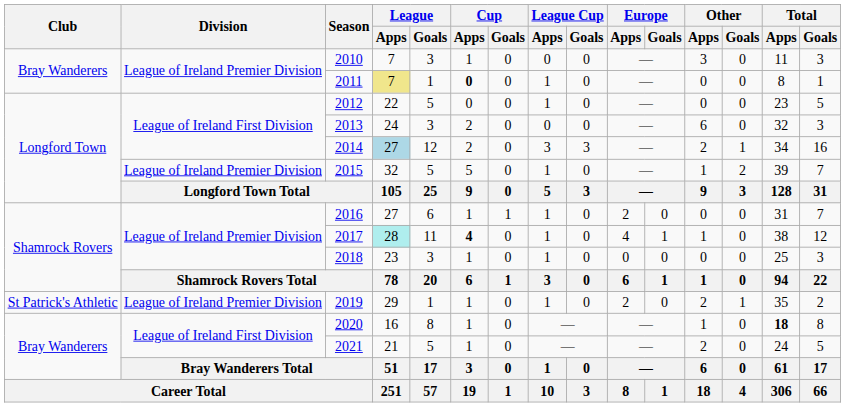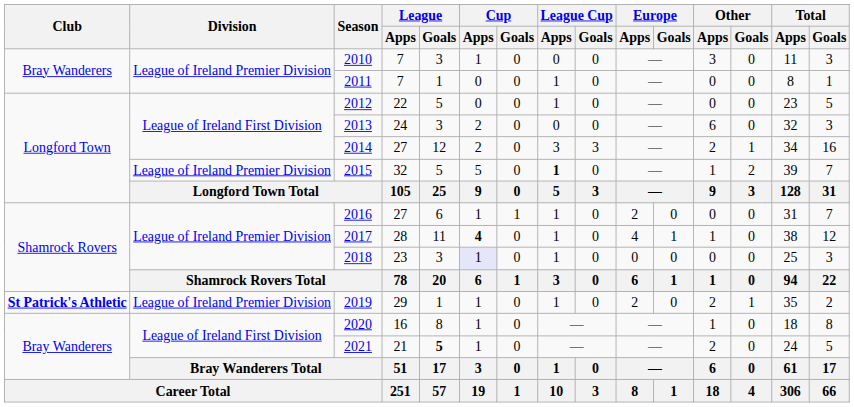 <table class="wikitable" style="text-align:center">
 <tr>
 <th rowspan="2">Club</th>
 <th rowspan="2">Division</th>
 <th rowspan="2">Season</th>
 <th colspan="2"><a href='#'>League</a></th>
 <th colspan="2"><a href='#'>Cup</a></th>
 <th colspan="2"><a href='#'>League Cup</a></th>
 <th colspan="2"><a href='#'>Europe</a></th>
 <th colspan="2">Other</th>
 <th colspan="2">Total</th>
 </tr>
 <tr>
 <th>Apps</th>
 <th>Goals</th>
 <th>Apps</th>
 <th>Goals</th>
 <th>Apps</th>
 <th>Goals</th>
 <th>Apps</th>
 <th>Goals</th>
 <th>Apps</th>
 <th>Goals</th>
 <th>Apps</th>
 <th>Goals</th>
 </tr>
 <tr>
 <td rowspan="2"><a href='#'>Bray Wanderers</a></td>
 <td rowspan="2"><a href='#'>League of Ireland Premier Division</a></td>
 <td><a href='#'>2010</a></td>
 <td>7</td>
 <td>3</td>
 <td>1</td>
 <td>0</td>
 <td>0</td>
 <td>0</td>
 <td colspan="2">—</td>
 <td>3</td>
 <td>0</td>
 <td>11</td>
 <td>3</td>
 </tr>
 <tr>
 <td><a href='#'>2011</a></td>
-<td style="background: khaki;">7</td>
+<td>7</td>
 <td>1</td>
-<td><strong>0</strong></td>
+<td>0</td>
 <td>0</td>
 <td>1</td>
 <td>0</td>
 <td colspan="2">—</td>
 <td>0</td>
 <td>0</td>
 <td>8</td>
 <td>1</td>
 </tr>
 <tr>
 <td rowspan="5"><a href='#'>Longford Town</a></td>
 <td rowspan="3"><a href='#'>League of Ireland First Division</a></td>
 <td><a href='#'>2012</a></td>
 <td>22</td>
 <td>5</td>
 <td>0</td>
 <td>0</td>
 <td>1</td>
 <td>0</td>
 <td colspan="2">—</td>
 <td>0</td>
 <td>0</td>
 <td>23</td>
 <td>5</td>
 </tr>
 <tr>
 <td><a href='#'>2013</a></td>
 <td>24</td>
 <td>3</td>
 <td>2</td>
 <td>0</td>
 <td>0</td>
 <td>0</td>
 <td colspan="2">—</td>
 <td>6</td>
 <td>0</td>
 <td>32</td>
 <td>3</td>
 </tr>
 <tr>
 <td><a href='#'>2014</a></td>
-<td style="background: lightblue;">27</td>
+<td>27</td>
 <td>12</td>
 <td>2</td>
 <td>0</td>
 <td>3</td>
 <td>3</td>
 <td colspan="2">—</td>
 <td>2</td>
 <td>1</td>
 <td>34</td>
 <td>16</td>
 </tr>
 <tr>
 <td><a href='#'>League of Ireland Premier Division</a></td>
 <td><a href='#'>2015</a></td>
 <td>32</td>
 <td>5</td>
 <td>5</td>
 <td>0</td>
-<td>1</td>
+<td><strong>1</strong></td>
 <td>0</td>
 <td colspan="2">—</td>
 <td>1</td>
 <td>2</td>
 <td>39</td>
 <td>7</td>
 </tr>
 <tr>
 <th colspan="2">Longford Town Total</th>
 <th>105</th>
 <th>25</th>
 <th>9</th>
 <th>0</th>
 <th>5</th>
 <th>3</th>
 <th colspan="2">—</th>
 <th>9</th>
 <th>3</th>
 <th>128</th>
 <th>31</th>
 </tr>
 <tr>
 <td rowspan="4"><a href='#'>Shamrock Rovers</a></td>
 <td rowspan="3"><a href='#'>League of Ireland Premier Division</a></td>
 <td><a href='#'>2016</a></td>
 <td>27</td>
 <td>6</td>
 <td>1</td>
 <td>1</td>
 <td>1</td>
 <td>0</td>
 <td>2</td>
 <td>0</td>
 <td>0</td>
 <td>0</td>
 <td>31</td>
 <td>7</td>
 </tr>
 <tr>
 <td><a href='#'>2017</a></td>
-<td style="background: paleturquoise;">28</td>
+<td>28</td>
 <td>11</td>
 <td><strong>4</strong></td>
 <td>0</td>
 <td>1</td>
 <td>0</td>
 <td>4</td>
 <td>1</td>
 <td>1</td>
 <td>0</td>
 <td>38</td>
 <td>12</td>
 </tr>
 <tr>
 <td><a href='#'>2018</a></td>
 <td>23</td>
 <td>3</td>
-<td>1</td>
+<td style="background: lavender;">1</td>
 <td>0</td>
 <td>1</td>
 <td>0</td>
 <td>0</td>
 <td>0</td>
 <td>0</td>
 <td>0</td>
 <td>25</td>
 <td>3</td>
 </tr>
 <tr>
 <th colspan="2">Shamrock Rovers Total</th>
 <th>78</th>
 <th>20</th>
 <th>6</th>
 <th>1</th>
 <th>3</th>
 <th>0</th>
 <th>6</th>
 <th>1</th>
 <th>1</th>
 <th>0</th>
 <th>94</th>
 <th>22</th>
 </tr>
 <tr>
-<td><a href='#'>St Patrick's Athletic</a></td>
+<td><strong><a href='#'>St Patrick's Athletic</a></strong></td>
 <td><a href='#'>League of Ireland Premier Division</a></td>
 <td><a href='#'>2019</a></td>
 <td>29</td>
 <td>1</td>
 <td>1</td>
 <td>0</td>
 <td>1</td>
 <td>0</td>
 <td>2</td>
 <td>0</td>
 <td>2</td>
 <td>1</td>
 <td>35</td>
 <td>2</td>
 </tr>
 <tr>
 <td rowspan="3"><a href='#'>Bray Wanderers</a></td>
 <td rowspan="2"><a href='#'>League of Ireland First Division</a></td>
 <td><a href='#'>2020</a></td>
 <td>16</td>
 <td>8</td>
 <td>1</td>
 <td>0</td>
 <td colspan="2">—</td>
 <td colspan="2">—</td>
 <td>1</td>
 <td>0</td>
-<td><strong>18</strong></td>
+<td>18</td>
 <td>8</td>
 </tr>
 <tr>
 <td><a href='#'>2021</a></td>
 <td>21</td>
-<td>5</td>
+<td><strong>5</strong></td>
 <td>1</td>
 <td>0</td>
 <td colspan="2">—</td>
 <td colspan="2">—</td>
 <td>2</td>
 <td>0</td>
 <td>24</td>
 <td>5</td>
 </tr>
 <tr>
 <th colspan="2">Bray Wanderers Total</th>
 <th>51</th>
 <th>17</th>
 <th>3</th>
 <th>0</th>
 <th>1</th>
 <th>0</th>
 <th colspan="2">—</th>
 <th>6</th>
 <th>0</th>
 <th>61</th>
 <th>17</th>
 </tr>
 <tr>
 <th colspan="3">Career Total</th>
 <th>251</th>
 <th>57</th>
 <th>19</th>
 <th>1</th>
 <th>10</th>
 <th>3</th>
 <th>8</th>
 <th>1</th>
 <th>18</th>
 <th>4</th>
 <th>306</th>
 <th>66</th>
 </tr>
 </table>
